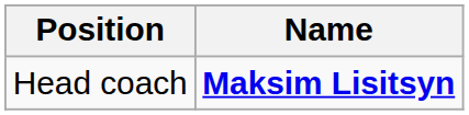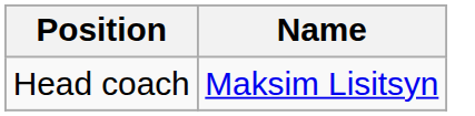 <table class="wikitable" style="text-align:center;">
 <tr>
 <th>Position</th>
 <th>Name</th>
 </tr>
 <tr>
 <td align="left">Head coach</td>
-<td align="left"><strong> <a href='#'>Maksim Lisitsyn</a></strong></td>
+<td align="left"> <a href='#'>Maksim Lisitsyn</a></td>
 </tr>
 </table>
